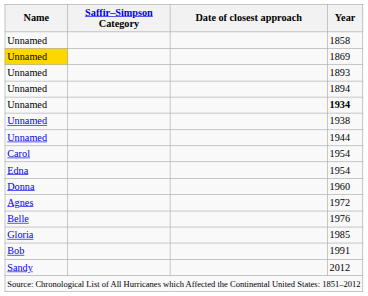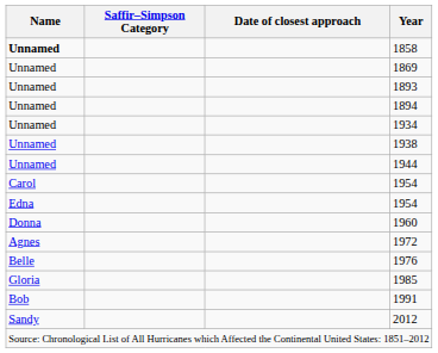 <table class = "wikitable" style="margin:1em auto;">
 <tr>
 <th>Name</th>
 <th><a href='#'>Saffir–Simpson</a><br>Category</th>
 <th>Date of closest approach</th>
 <th>Year</th>
 </tr>
 <tr>
-<td>Unnamed</td>
+<td><strong>Unnamed</strong></td>
 <td></td>
 <td></td>
 <td>1858</td>
 </tr>
 <tr>
-<td style="background: gold;">Unnamed</td>
+<td>Unnamed</td>
 <td></td>
 <td></td>
 <td>1869</td>
 </tr>
 <tr>
 <td>Unnamed</td>
 <td></td>
 <td></td>
 <td>1893</td>
 </tr>
 <tr>
 <td>Unnamed</td>
 <td></td>
 <td></td>
 <td>1894</td>
 </tr>
 <tr>
 <td>Unnamed</td>
 <td></td>
 <td></td>
-<td><strong>1934</strong></td>
+<td>1934</td>
 </tr>
 <tr>
 <td><a href='#'>Unnamed</a></td>
 <td></td>
 <td></td>
 <td>1938</td>
 </tr>
 <tr>
 <td><a href='#'>Unnamed</a></td>
 <td></td>
 <td></td>
 <td>1944</td>
 </tr>
 <tr>
 <td><a href='#'>Carol</a></td>
 <td></td>
 <td></td>
 <td>1954</td>
 </tr>
 <tr>
 <td><a href='#'>Edna</a></td>
 <td></td>
 <td></td>
 <td>1954</td>
 </tr>
 <tr>
 <td><a href='#'>Donna</a></td>
 <td></td>
 <td></td>
 <td>1960</td>
 </tr>
 <tr>
 <td><a href='#'>Agnes</a></td>
 <td></td>
 <td></td>
 <td>1972</td>
 </tr>
 <tr>
 <td><a href='#'>Belle</a></td>
 <td></td>
 <td></td>
 <td>1976</td>
 </tr>
 <tr>
 <td><a href='#'>Gloria</a></td>
 <td></td>
 <td></td>
 <td>1985</td>
 </tr>
 <tr>
 <td><a href='#'>Bob</a></td>
 <td></td>
 <td></td>
 <td>1991</td>
 </tr>
 <tr>
 <td><a href='#'>Sandy</a></td>
 <td></td>
 <td></td>
 <td>2012</td>
 </tr>
 <tr>
 <td colspan="9"><small>Source: Chronological List of All Hurricanes which Affected the Continental United States: 1851–2012</small></td>
 </tr>
 </table>
